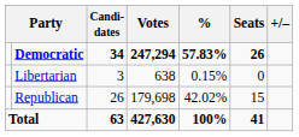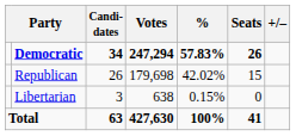 <table class="wikitable" style="font-size:100%; text-align:right;">
 <tr>
 <th colspan=2>Party</th>
 <th><small>Candi-<br>dates</small></th>
 <th>Votes</th>
 <th>%</th>
 <th>Seats</th>
 <th>+/–</th>
 </tr>
 <tr>
 <td style="background:"></td>
 <td align=left><strong><a href='#'>Democratic</a></strong></td>
 <td><strong>34</strong></td>
 <td><strong>247,294</strong></td>
 <td><strong>57.83%</strong></td>
 <td><strong>26</strong></td>
 <td></td>
 </tr>
 <tr>
 <td style="background:"></td>
+<td align=left><a href='#'>Republican</a></td>
+<td>26</td>
+<td>179,698</td>
+<td>42.02%</td>
+<td>15</td>
+<td></td>
+</tr>
+<tr>
+<td style="background:"></td>
 <td align=left><a href='#'>Libertarian</a></td>
 <td>3</td>
 <td>638</td>
 <td>0.15%</td>
 <td>0</td>
-<td></td>
-</tr>
-<tr>
-<td style="background:"></td>
-<td align=left><a href='#'>Republican</a></td>
-<td>26</td>
-<td>179,698</td>
-<td>42.02%</td>
-<td>15</td>
 <td></td>
 </tr>
 <tr style="font-weight:bold">
 <td colspan=2 align=left>Total</td>
 <td>63</td>
 <td>427,630</td>
 <td>100%</td>
 <td>41</td>
 <td></td>
 </tr>
 </table>
